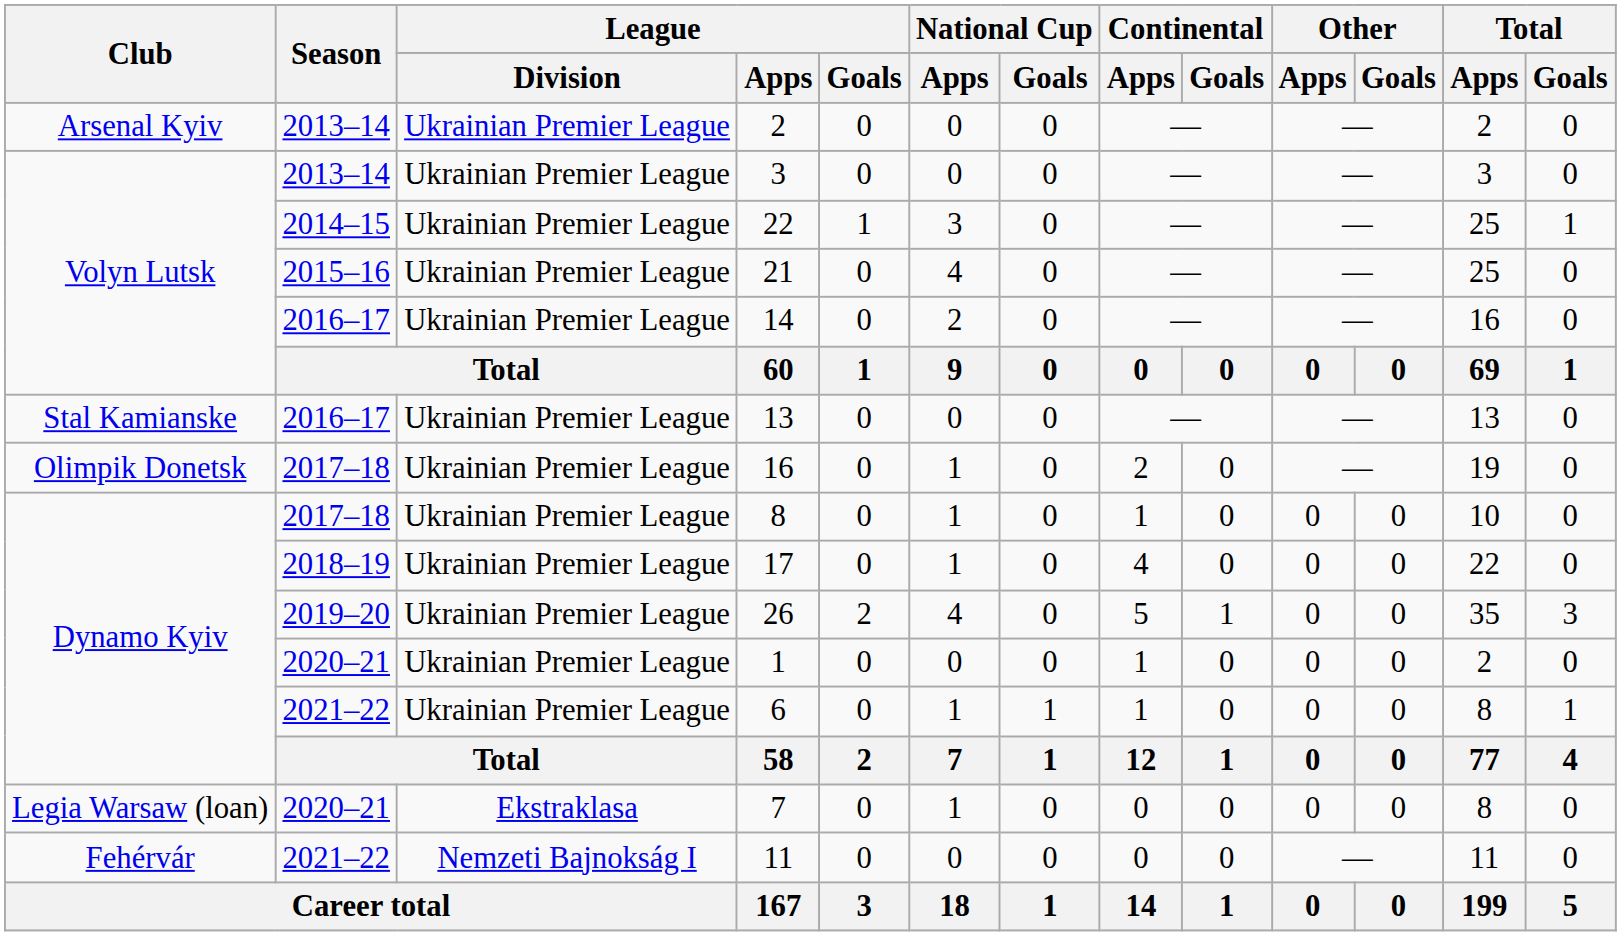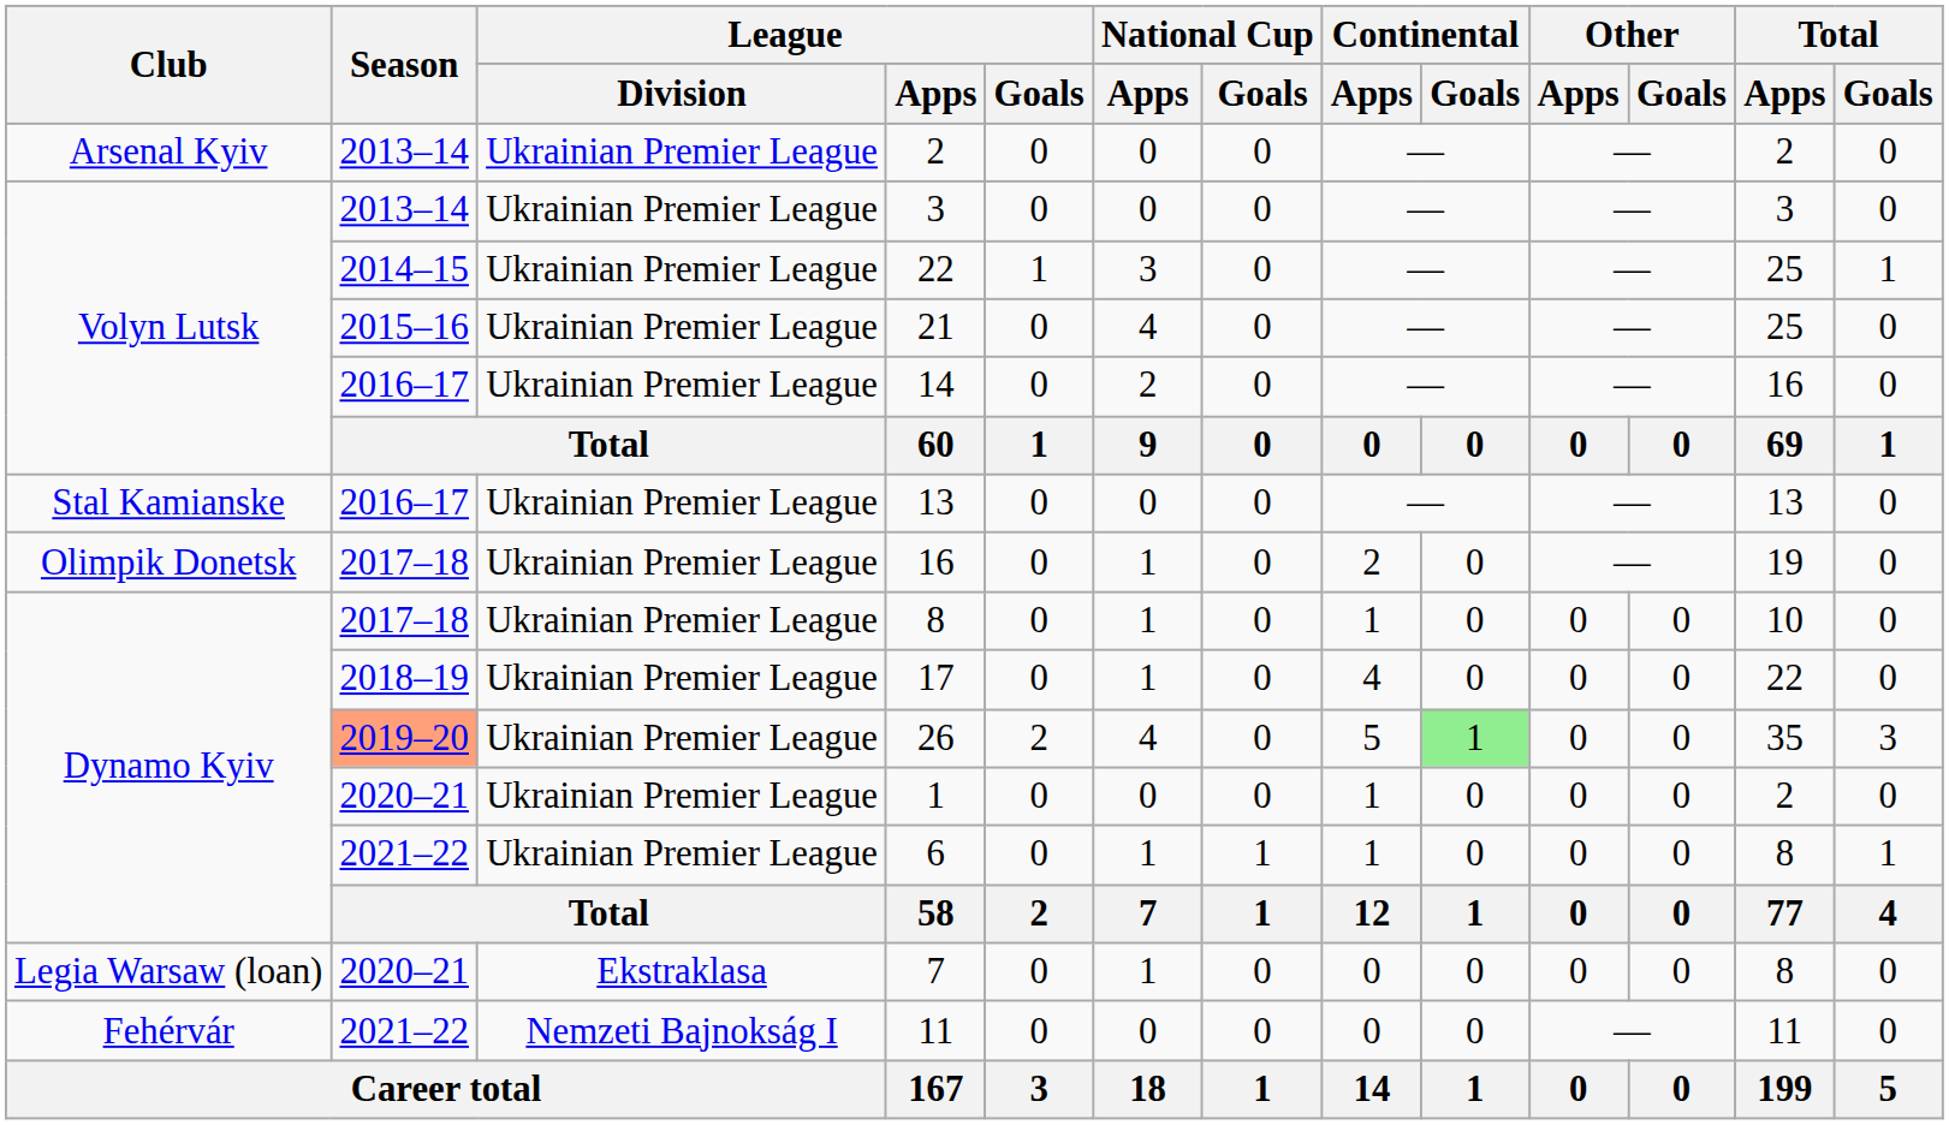 <table class="wikitable" style="text-align:center">
 <tr>
 <th rowspan="2">Club</th>
 <th rowspan="2">Season</th>
 <th colspan="3">League</th>
 <th colspan="2">National Cup</th>
 <th colspan="2">Continental</th>
 <th colspan="2">Other</th>
 <th colspan="2">Total</th>
 </tr>
 <tr>
 <th>Division</th>
 <th>Apps</th>
 <th>Goals</th>
 <th>Apps</th>
 <th>Goals</th>
 <th>Apps</th>
 <th>Goals</th>
 <th>Apps</th>
 <th>Goals</th>
 <th>Apps</th>
 <th>Goals</th>
 </tr>
 <tr>
 <td><a href='#'>Arsenal Kyiv</a></td>
 <td><a href='#'>2013–14</a></td>
 <td><a href='#'>Ukrainian Premier League</a></td>
 <td>2</td>
 <td>0</td>
 <td>0</td>
 <td>0</td>
 <td colspan="2">—</td>
 <td colspan="2">—</td>
 <td>2</td>
 <td>0</td>
 </tr>
 <tr>
 <td rowspan="5"><a href='#'>Volyn Lutsk</a></td>
 <td><a href='#'>2013–14</a></td>
 <td>Ukrainian Premier League</td>
 <td>3</td>
 <td>0</td>
 <td>0</td>
 <td>0</td>
 <td colspan="2">—</td>
 <td colspan="2">—</td>
 <td>3</td>
 <td>0</td>
 </tr>
 <tr>
 <td><a href='#'>2014–15</a></td>
 <td>Ukrainian Premier League</td>
 <td>22</td>
 <td>1</td>
 <td>3</td>
 <td>0</td>
 <td colspan="2">—</td>
 <td colspan="2">—</td>
 <td>25</td>
 <td>1</td>
 </tr>
 <tr>
 <td><a href='#'>2015–16</a></td>
 <td>Ukrainian Premier League</td>
 <td>21</td>
 <td>0</td>
 <td>4</td>
 <td>0</td>
 <td colspan="2">—</td>
 <td colspan="2">—</td>
 <td>25</td>
 <td>0</td>
 </tr>
 <tr>
 <td><a href='#'>2016–17</a></td>
 <td>Ukrainian Premier League</td>
 <td>14</td>
 <td>0</td>
 <td>2</td>
 <td>0</td>
 <td colspan="2">—</td>
 <td colspan="2">—</td>
 <td>16</td>
 <td>0</td>
 </tr>
 <tr>
 <th colspan="2">Total</th>
 <th>60</th>
 <th>1</th>
 <th>9</th>
 <th>0</th>
 <th>0</th>
 <th>0</th>
 <th>0</th>
 <th>0</th>
 <th>69</th>
 <th>1</th>
 </tr>
 <tr>
 <td><a href='#'>Stal Kamianske</a></td>
 <td><a href='#'>2016–17</a></td>
 <td>Ukrainian Premier League</td>
 <td>13</td>
 <td>0</td>
 <td>0</td>
 <td>0</td>
 <td colspan="2">—</td>
 <td colspan="2">—</td>
 <td>13</td>
 <td>0</td>
 </tr>
 <tr>
 <td><a href='#'>Olimpik Donetsk</a></td>
 <td><a href='#'>2017–18</a></td>
 <td>Ukrainian Premier League</td>
 <td>16</td>
 <td>0</td>
 <td>1</td>
 <td>0</td>
 <td>2</td>
 <td>0</td>
 <td colspan="2">—</td>
 <td>19</td>
 <td>0</td>
 </tr>
 <tr>
 <td rowspan="6"><a href='#'>Dynamo Kyiv</a></td>
 <td><a href='#'>2017–18</a></td>
 <td>Ukrainian Premier League</td>
 <td>8</td>
 <td>0</td>
 <td>1</td>
 <td>0</td>
 <td>1</td>
 <td>0</td>
 <td>0</td>
 <td>0</td>
 <td>10</td>
 <td>0</td>
 </tr>
 <tr>
 <td><a href='#'>2018–19</a></td>
 <td>Ukrainian Premier League</td>
 <td>17</td>
 <td>0</td>
 <td>1</td>
 <td>0</td>
 <td>4</td>
 <td>0</td>
 <td>0</td>
 <td>0</td>
 <td>22</td>
 <td>0</td>
 </tr>
 <tr>
-<td><a href='#'>2019–20</a></td>
+<td style="background: lightsalmon;"><a href='#'>2019–20</a></td>
 <td>Ukrainian Premier League</td>
 <td>26</td>
 <td>2</td>
 <td>4</td>
 <td>0</td>
 <td>5</td>
-<td>1</td>
+<td style="background: lightgreen;">1</td>
 <td>0</td>
 <td>0</td>
 <td>35</td>
 <td>3</td>
 </tr>
 <tr>
 <td><a href='#'>2020–21</a></td>
 <td>Ukrainian Premier League</td>
 <td>1</td>
 <td>0</td>
 <td>0</td>
 <td>0</td>
 <td>1</td>
 <td>0</td>
 <td>0</td>
 <td>0</td>
 <td>2</td>
 <td>0</td>
 </tr>
 <tr>
 <td><a href='#'>2021–22</a></td>
 <td>Ukrainian Premier League</td>
 <td>6</td>
 <td>0</td>
 <td>1</td>
 <td>1</td>
 <td>1</td>
 <td>0</td>
 <td>0</td>
 <td>0</td>
 <td>8</td>
 <td>1</td>
 </tr>
 <tr>
 <th colspan="2">Total</th>
 <th>58</th>
 <th>2</th>
 <th>7</th>
 <th>1</th>
 <th>12</th>
 <th>1</th>
 <th>0</th>
 <th>0</th>
 <th>77</th>
 <th>4</th>
 </tr>
 <tr>
 <td><a href='#'>Legia Warsaw</a> (loan)</td>
 <td><a href='#'>2020–21</a></td>
 <td><a href='#'>Ekstraklasa</a></td>
 <td>7</td>
 <td>0</td>
 <td>1</td>
 <td>0</td>
 <td>0</td>
 <td>0</td>
 <td>0</td>
 <td>0</td>
 <td>8</td>
 <td>0</td>
 </tr>
 <tr>
 <td><a href='#'>Fehérvár</a></td>
 <td><a href='#'>2021–22</a></td>
 <td><a href='#'>Nemzeti Bajnokság I</a></td>
 <td>11</td>
 <td>0</td>
 <td>0</td>
 <td>0</td>
 <td>0</td>
 <td>0</td>
 <td colspan="2">—</td>
 <td>11</td>
 <td>0</td>
 </tr>
 <tr>
 <th colspan="3">Career total</th>
 <th>167</th>
 <th>3</th>
 <th>18</th>
 <th>1</th>
 <th>14</th>
 <th>1</th>
 <th>0</th>
 <th>0</th>
 <th>199</th>
 <th>5</th>
 </tr>
 </table>
